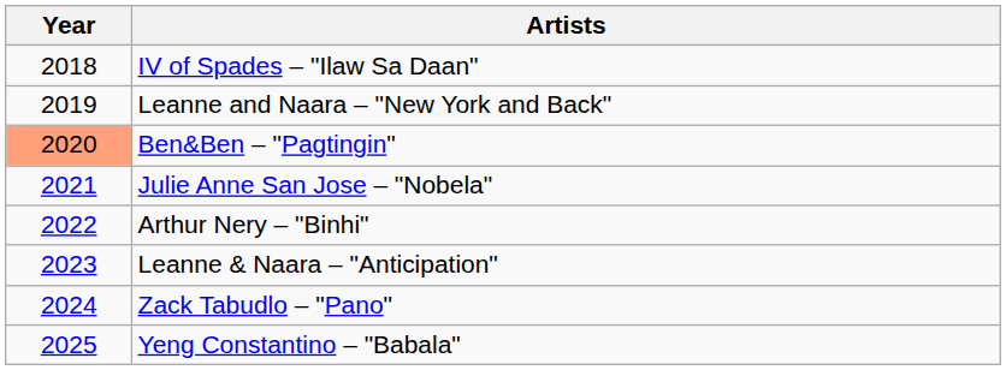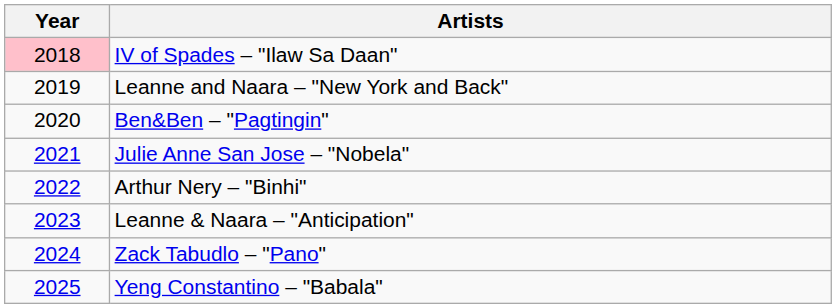 <table class="wikitable sortable"  style="width:50%;">
 <tr>
 <th width=5%  scope="col">Year</th>
 <th width=40%  scope="col">Artists</th>
 </tr>
 <tr>
-<td align="center">2018</td>
+<td align="center" style="background: pink;">2018</td>
 <td><a href='#'>IV of Spades</a> – "Ilaw Sa Daan"</td>
 </tr>
 <tr>
 <td align="center">2019</td>
 <td>Leanne and Naara – "New York and Back"</td>
 </tr>
 <tr>
-<td align="center" style="background: lightsalmon;">2020</td>
+<td align="center">2020</td>
 <td><a href='#'>Ben&Ben</a> – "<a href='#'>Pagtingin</a>"</td>
 </tr>
 <tr>
 <td align="center"><a href='#'>2021</a></td>
 <td><a href='#'>Julie Anne San Jose</a> – "Nobela"</td>
 </tr>
 <tr>
 <td align="center"><a href='#'>2022</a></td>
 <td>Arthur Nery – "Binhi"</td>
 </tr>
 <tr>
 <td align="center"><a href='#'>2023</a></td>
 <td>Leanne & Naara – "Anticipation"</td>
 </tr>
 <tr>
 <td align="center"><a href='#'>2024</a></td>
 <td><a href='#'>Zack Tabudlo</a> – "<a href='#'>Pano</a>"</td>
 </tr>
 <tr>
 <td align="center"><a href='#'>2025</a></td>
 <td><a href='#'>Yeng Constantino</a> – "Babala"</td>
 </tr>
 </table>
